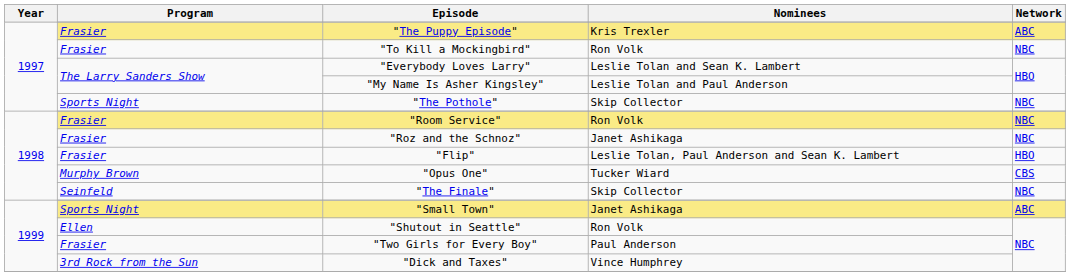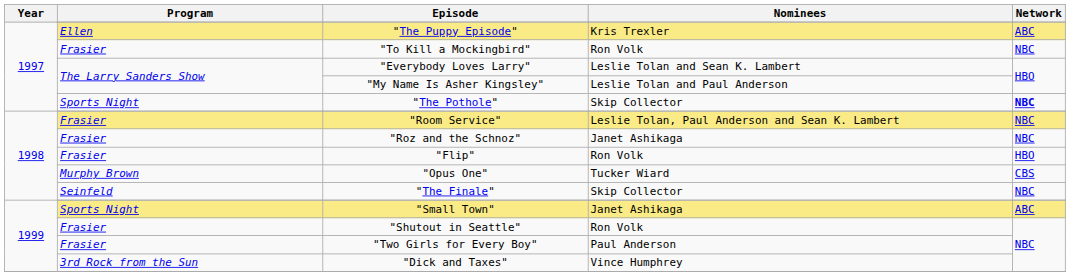 <table class="wikitable" style="width:100%">
 <tr style="background:#bebebe;">
 <th style="width:5%;">Year</th>
 <th style="width:25%;">Program</th>
 <th style="width:25%;">Episode</th>
 <th style="width:40%;">Nominees</th>
 <th style="width:5%;">Network</th>
 </tr>
 <tr>
 <td rowspan=6 style="text-align:center;"><a href='#'>1997</a><br></td>
 </tr>
 <tr style="background:#FAEB86;">
-<td><em><a href='#'>Frasier</a></em></td>
+<td><em><a href='#'>Ellen</a></em></td>
 <td align=center>"<a href='#'>The Puppy Episode</a>"</td>
 <td>Kris Trexler</td>
 <td><a href='#'>ABC</a></td>
 </tr>
 <tr>
 <td><em><a href='#'>Frasier</a></em></td>
 <td align=center>"To Kill a Mockingbird"</td>
 <td>Ron Volk</td>
 <td><a href='#'>NBC</a></td>
 </tr>
 <tr>
 <td rowspan=2><em><a href='#'>The Larry Sanders Show</a></em></td>
 <td align=center>"Everybody Loves Larry"</td>
 <td>Leslie Tolan and Sean K. Lambert</td>
 <td rowspan=2><a href='#'>HBO</a></td>
 </tr>
 <tr>
 <td align=center>"My Name Is Asher Kingsley"</td>
 <td>Leslie Tolan and Paul Anderson</td>
 </tr>
 <tr>
 <td><em><a href='#'>Sports Night</a></em></td>
 <td align=center>"<a href='#'>The Pothole</a>"</td>
 <td>Skip Collector</td>
-<td><a href='#'>NBC</a></td>
+<td><strong><a href='#'>NBC</a></strong></td>
 </tr>
 <tr>
 <td rowspan=6 style="text-align:center;"><a href='#'>1998</a><br></td>
 </tr>
 <tr style="background:#FAEB86;">
 <td><em><a href='#'>Frasier</a></em></td>
 <td align=center>"Room Service"</td>
-<td>Ron Volk</td>
+<td>Leslie Tolan, Paul Anderson and Sean K. Lambert</td>
 <td><a href='#'>NBC</a></td>
 </tr>
 <tr>
 <td><em><a href='#'>Frasier</a></em></td>
 <td align=center>"Roz and the Schnoz"</td>
 <td>Janet Ashikaga</td>
 <td><a href='#'>NBC</a></td>
 </tr>
 <tr>
 <td><em><a href='#'>Frasier</a></em></td>
 <td align=center>"Flip"</td>
-<td>Leslie Tolan, Paul Anderson and Sean K. Lambert</td>
+<td>Ron Volk</td>
 <td><a href='#'>HBO</a></td>
 </tr>
 <tr>
 <td><em><a href='#'>Murphy Brown</a></em></td>
 <td align=center>"Opus One"</td>
 <td>Tucker Wiard</td>
 <td><a href='#'>CBS</a></td>
 </tr>
 <tr>
 <td><em><a href='#'>Seinfeld</a></em></td>
 <td align=center>"<a href='#'>The Finale</a>"</td>
 <td>Skip Collector</td>
 <td><a href='#'>NBC</a></td>
 </tr>
 <tr>
 <td rowspan=5 style="text-align:center;"><a href='#'>1999</a><br></td>
 </tr>
 <tr style="background:#FAEB86;">
 <td><em><a href='#'>Sports Night</a></em></td>
 <td align=center>"Small Town"</td>
 <td>Janet Ashikaga</td>
 <td><a href='#'>ABC</a></td>
 </tr>
 <tr>
-<td><em><a href='#'>Ellen</a></em></td>
+<td><em><a href='#'>Frasier</a></em></td>
 <td align=center>"Shutout in Seattle"</td>
 <td>Ron Volk</td>
 <td rowspan=3><a href='#'>NBC</a></td>
 </tr>
 <tr>
 <td><em><a href='#'>Frasier</a></em></td>
 <td align=center>"Two Girls for Every Boy"</td>
 <td>Paul Anderson</td>
 </tr>
 <tr>
 <td><em><a href='#'>3rd Rock from the Sun</a></em></td>
 <td align=center>"Dick and Taxes"</td>
 <td>Vince Humphrey</td>
 </tr>
 <tr>
 </tr>
 </table>
